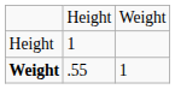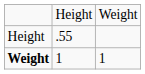 <table class="wikitable">
 <tr>
 <td></td>
 <td>Height</td>
 <td>Weight</td>
 </tr>
 <tr>
 <td>Height</td>
-<td>1</td>
+<td>.55</td>
 <td></td>
 </tr>
 <tr>
 <td><strong>Weight</strong></td>
-<td>.55</td>
+<td>1</td>
 <td>1</td>
 </tr>
 </table>
